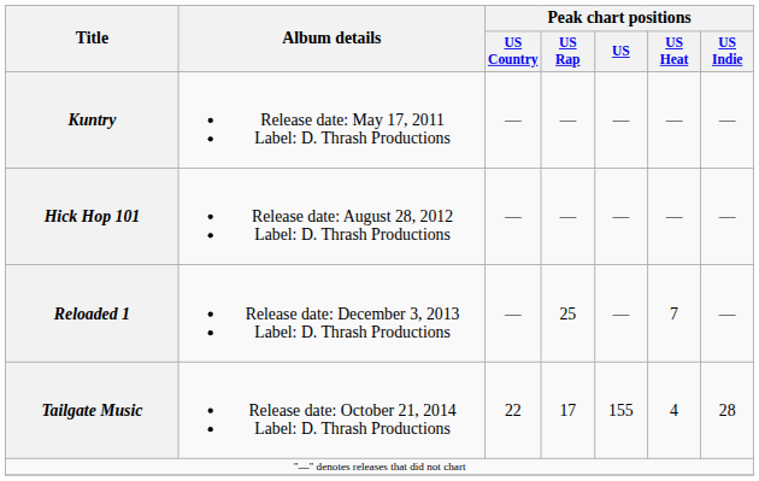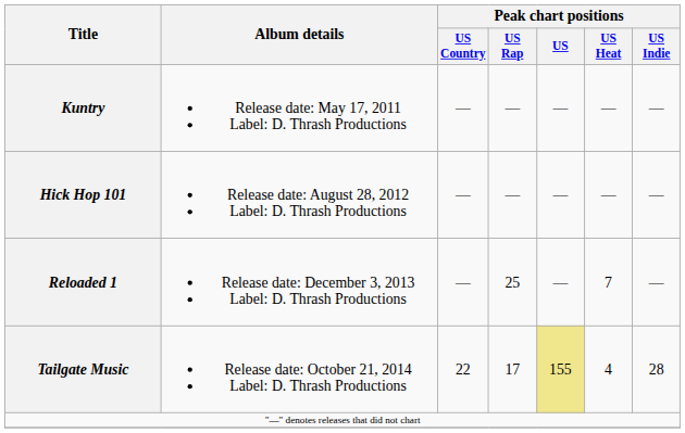 <table class="wikitable plainrowheaders" style="text-align:center;">
 <tr>
 <th rowspan="2" style="width:10em;">Title</th>
 <th rowspan="2" style="width:18em;">Album details</th>
 <th colspan="5">Peak chart positions</th>
 </tr>
 <tr style="font-size:smaller;">
 <th width="45"><a href='#'>US Country</a><br></th>
 <th width="45"><a href='#'>US<br>Rap</a><br></th>
 <th width="45"><a href='#'>US</a><br></th>
 <th width="45"><a href='#'>US<br>Heat</a><br></th>
 <th width="45"><a href='#'>US<br>Indie</a><br></th>
 </tr>
 <tr>
 <th scope="row"><em>Kuntry</em></th>
 <td><br><ul><li>Release date: May 17, 2011</li><li>Label: D. Thrash Productions</li></ul></td>
 <td>—</td>
 <td>—</td>
 <td>—</td>
 <td>—</td>
 <td>—</td>
 </tr>
 <tr>
 <th scope="row"><em>Hick Hop 101</em></th>
 <td><br><ul><li>Release date: August 28, 2012</li><li>Label: D. Thrash Productions</li></ul></td>
 <td>—</td>
 <td>—</td>
 <td>—</td>
 <td>—</td>
 <td>—</td>
 </tr>
 <tr>
 <th scope="row"><em>Reloaded 1</em></th>
 <td><br><ul><li>Release date: December 3, 2013</li><li>Label: D. Thrash Productions</li></ul></td>
 <td>—</td>
 <td>25</td>
 <td>—</td>
 <td>7</td>
 <td>—</td>
 </tr>
 <tr>
 <th scope="row"><em>Tailgate Music</em><br></th>
 <td><br><ul><li>Release date: October 21, 2014</li><li>Label: D. Thrash Productions</li></ul></td>
 <td>22</td>
 <td>17</td>
-<td>155</td>
+<td style="background: khaki;">155</td>
 <td>4</td>
 <td>28</td>
 </tr>
 <tr>
 <td colspan="7" style="font-size:8pt">"—" denotes releases that did not chart</td>
 </tr>
 <tr>
 </tr>
 </table>
